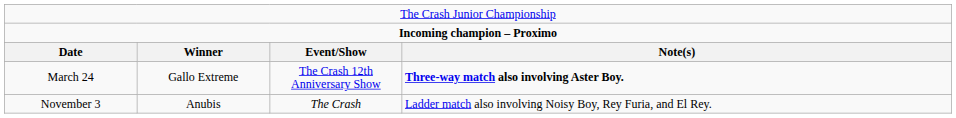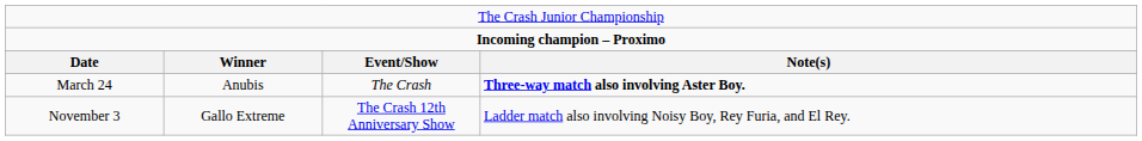 <table class="wikitable" style="text-align:center; width:100%;">
 <tr>
 <td colspan="5" style="text-align: center;"><a href='#'>The Crash Junior Championship</a></td>
 </tr>
 <tr>
 <td colspan="5" style="text-align: center;"><strong>Incoming champion – Proximo</strong></td>
 </tr>
 <tr>
 <th width=14%>Date</th>
 <th width=14%>Winner</th>
 <th width=14%>Event/Show</th>
 <th width=58%>Note(s)</th>
 </tr>
 <tr>
 <td>March 24</td>
-<td>Gallo Extreme</td>
-<td><a href='#'>The Crash 12th Anniversary Show</a></td>
+<td>Anubis</td>
+<td><em>The Crash</em></td>
 <td align=left><strong><a href='#'>Three-way match</a> also involving Aster Boy.</strong></td>
 </tr>
 <tr>
 <td>November 3</td>
-<td>Anubis</td>
-<td><em>The Crash</em></td>
+<td>Gallo Extreme</td>
+<td><a href='#'>The Crash 12th Anniversary Show</a></td>
 <td align=left><a href='#'>Ladder match</a> also involving Noisy Boy, Rey Furia, and El Rey.</td>
 </tr>
 </table>
